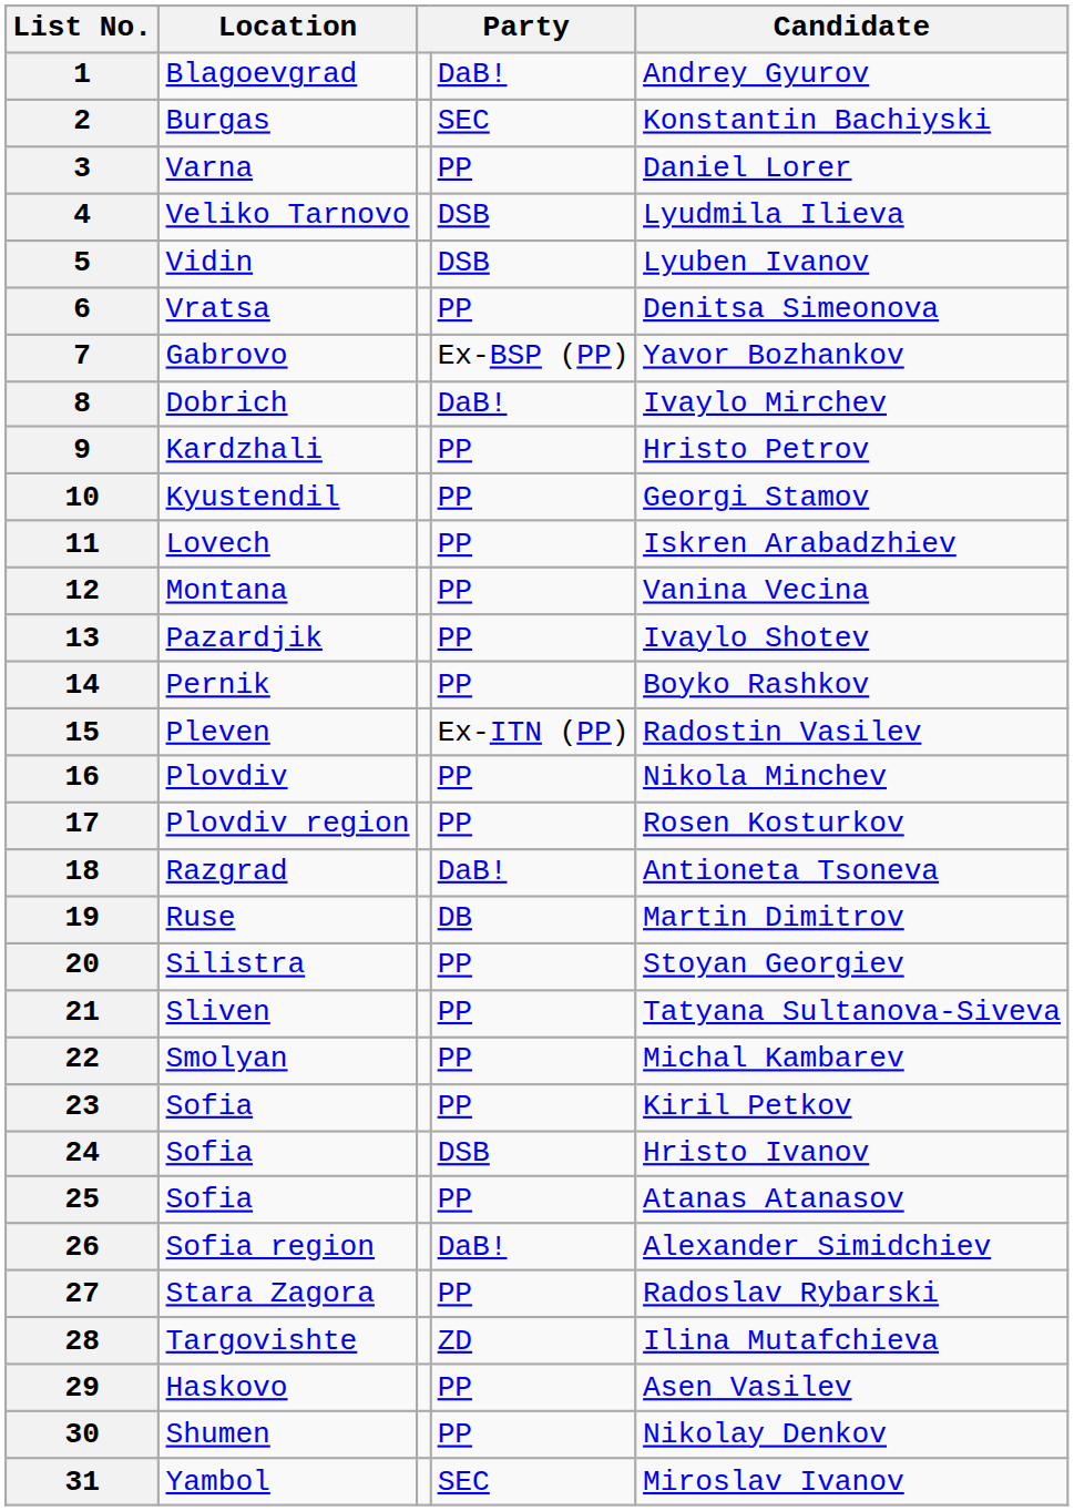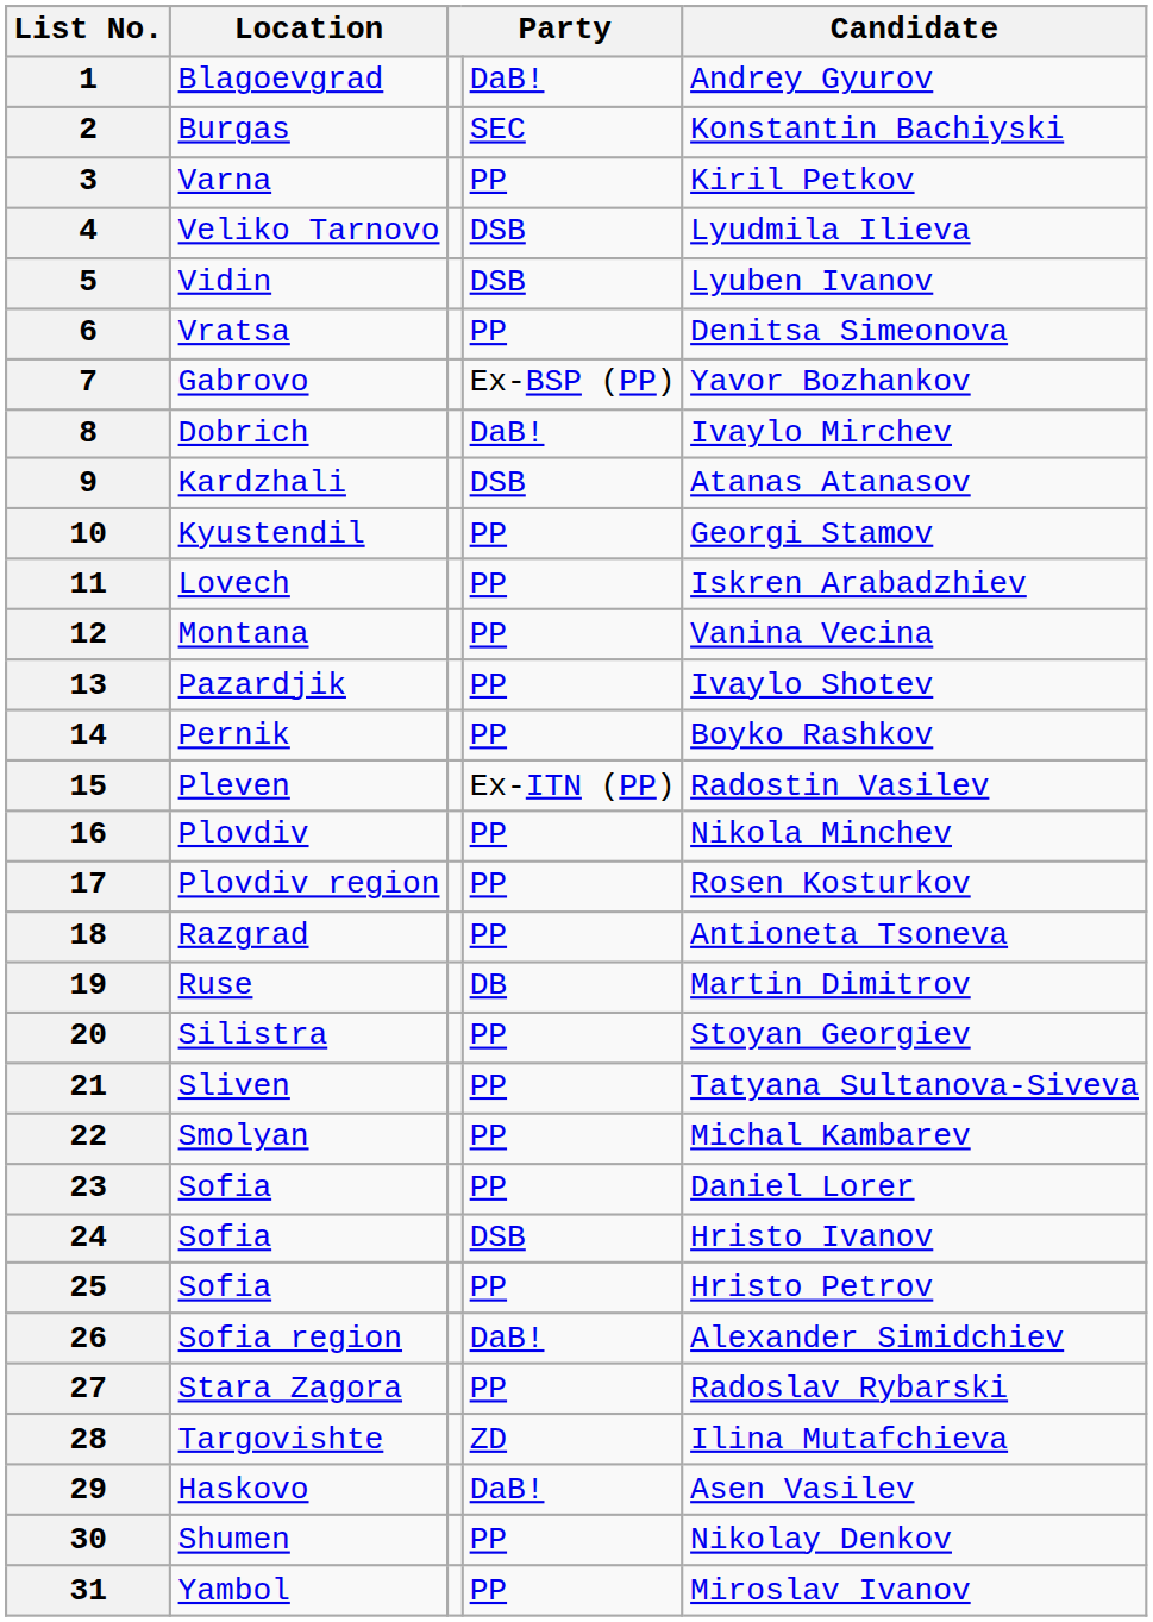 <table class="wikitable sortable mw-collapsible mw-collapsed" style="font-size:95%">
 <tr>
 <th>List No.</th>
 <th>Location</th>
 <th colspan="2">Party</th>
 <th>Candidate</th>
 </tr>
 <tr>
 <th>1</th>
 <td><a href='#'>Blagoevgrad</a></td>
 <td style="background:"></td>
 <td><a href='#'>DaB!</a></td>
 <td><a href='#'>Andrey Gyurov</a></td>
 </tr>
 <tr>
 <th>2</th>
 <td><a href='#'>Burgas</a></td>
 <td style="background:"></td>
 <td><a href='#'>SEC</a></td>
 <td><a href='#'>Konstantin Bachiyski</a></td>
 </tr>
 <tr>
 <th>3</th>
 <td><a href='#'>Varna</a></td>
 <td style="background:"></td>
 <td><a href='#'>PP</a></td>
-<td><a href='#'>Daniel Lorer</a></td>
+<td><a href='#'>Kiril Petkov</a></td>
 </tr>
 <tr>
 <th>4</th>
 <td><a href='#'>Veliko Tarnovo</a></td>
 <td style="background:"></td>
 <td><a href='#'>DSB</a></td>
 <td><a href='#'>Lyudmila Ilieva</a></td>
 </tr>
 <tr>
 <th>5</th>
 <td><a href='#'>Vidin</a></td>
 <td style="background:"></td>
 <td><a href='#'>DSB</a></td>
 <td><a href='#'>Lyuben Ivanov</a></td>
 </tr>
 <tr>
 <th>6</th>
 <td><a href='#'>Vratsa</a></td>
 <td style="background:"></td>
 <td><a href='#'>PP</a></td>
 <td><a href='#'>Denitsa Simeonova</a></td>
 </tr>
 <tr>
 <th>7</th>
 <td><a href='#'>Gabrovo</a></td>
 <td style="background:"></td>
 <td>Ex-<a href='#'>BSP</a> (<a href='#'>PP</a>)</td>
 <td><a href='#'>Yavor Bozhankov</a></td>
 </tr>
 <tr>
 <th>8</th>
 <td><a href='#'>Dobrich</a></td>
 <td style="background:"></td>
 <td><a href='#'>DaB!</a></td>
 <td><a href='#'>Ivaylo Mirchev</a></td>
 </tr>
 <tr>
 <th>9</th>
 <td><a href='#'>Kardzhali</a></td>
 <td style="background:"></td>
-<td><a href='#'>PP</a></td>
-<td><a href='#'>Hristo Petrov</a></td>
+<td><a href='#'>DSB</a></td>
+<td><a href='#'>Atanas Atanasov</a></td>
 </tr>
 <tr>
 <th>10</th>
 <td><a href='#'>Kyustendil</a></td>
 <td style="background:"></td>
 <td><a href='#'>PP</a></td>
 <td><a href='#'>Georgi Stamov</a></td>
 </tr>
 <tr>
 <th>11</th>
 <td><a href='#'>Lovech</a></td>
 <td style="background:"></td>
 <td><a href='#'>PP</a></td>
 <td><a href='#'>Iskren Arabadzhiev</a></td>
 </tr>
 <tr>
 <th>12</th>
 <td><a href='#'>Montana</a></td>
 <td style="background:"></td>
 <td><a href='#'>PP</a></td>
 <td><a href='#'>Vanina Vecina</a></td>
 </tr>
 <tr>
 <th>13</th>
 <td><a href='#'>Pazardjik</a></td>
 <td style="background:"></td>
 <td><a href='#'>PP</a></td>
 <td><a href='#'>Ivaylo Shotev</a></td>
 </tr>
 <tr>
 <th>14</th>
 <td><a href='#'>Pernik</a></td>
 <td style="background:"></td>
 <td><a href='#'>PP</a></td>
 <td><a href='#'>Boyko Rashkov</a></td>
 </tr>
 <tr>
 <th>15</th>
 <td><a href='#'>Pleven</a></td>
 <td style="background:"></td>
 <td>Ex-<a href='#'>ITN</a> (<a href='#'>PP</a>)</td>
 <td><a href='#'>Radostin Vasilev</a></td>
 </tr>
 <tr>
 <th>16</th>
 <td><a href='#'>Plovdiv</a></td>
 <td style="background:"></td>
 <td><a href='#'>PP</a></td>
 <td><a href='#'>Nikola Minchev</a></td>
 </tr>
 <tr>
 <th>17</th>
 <td><a href='#'>Plovdiv region</a></td>
 <td style="background:"></td>
 <td><a href='#'>PP</a></td>
 <td><a href='#'>Rosen Kosturkov</a></td>
 </tr>
 <tr>
 <th>18</th>
 <td><a href='#'>Razgrad</a></td>
 <td style="background:"></td>
-<td><a href='#'>DaB!</a></td>
+<td><a href='#'>PP</a></td>
 <td><a href='#'>Antioneta Tsoneva</a></td>
 </tr>
 <tr>
 <th>19</th>
 <td><a href='#'>Ruse</a></td>
 <td style="background:"></td>
 <td><a href='#'>DB</a></td>
 <td><a href='#'>Martin Dimitrov</a></td>
 </tr>
 <tr>
 <th>20</th>
 <td><a href='#'>Silistra</a></td>
 <td style="background:"></td>
 <td><a href='#'>PP</a></td>
 <td><a href='#'>Stoyan Georgiev</a></td>
 </tr>
 <tr>
 <th>21</th>
 <td><a href='#'>Sliven</a></td>
 <td style="background:"></td>
 <td><a href='#'>PP</a></td>
 <td><a href='#'>Tatyana Sultanova-Siveva</a></td>
 </tr>
 <tr>
 <th>22</th>
 <td><a href='#'>Smolyan</a></td>
 <td style="background:"></td>
 <td><a href='#'>PP</a></td>
 <td><a href='#'>Michal Kambarev</a></td>
 </tr>
 <tr>
 <th>23</th>
 <td><a href='#'>Sofia</a></td>
 <td style="background:"></td>
 <td><a href='#'>PP</a></td>
-<td><a href='#'>Kiril Petkov</a></td>
+<td><a href='#'>Daniel Lorer</a></td>
 </tr>
 <tr>
 <th>24</th>
 <td><a href='#'>Sofia</a></td>
 <td style="background:"></td>
 <td><a href='#'>DSB</a></td>
 <td><a href='#'>Hristo Ivanov</a></td>
 </tr>
 <tr>
 <th>25</th>
 <td><a href='#'>Sofia</a></td>
 <td style="background:"></td>
 <td><a href='#'>PP</a></td>
-<td><a href='#'>Atanas Atanasov</a></td>
+<td><a href='#'>Hristo Petrov</a></td>
 </tr>
 <tr>
 <th>26</th>
 <td><a href='#'>Sofia region</a></td>
 <td style="background:"></td>
 <td><a href='#'>DaB!</a></td>
 <td><a href='#'>Alexander Simidchiev</a></td>
 </tr>
 <tr>
 <th>27</th>
 <td><a href='#'>Stara Zagora</a></td>
 <td style="background:"></td>
 <td><a href='#'>PP</a></td>
 <td><a href='#'>Radoslav Rybarski</a></td>
 </tr>
 <tr>
 <th>28</th>
 <td><a href='#'>Targovishte</a></td>
 <td style="background:"></td>
 <td><a href='#'>ZD</a></td>
 <td><a href='#'>Ilina Mutafchieva</a></td>
 </tr>
 <tr>
 <th>29</th>
 <td><a href='#'>Haskovo</a></td>
 <td style="background:"></td>
-<td><a href='#'>PP</a></td>
+<td><a href='#'>DaB!</a></td>
 <td><a href='#'>Asen Vasilev</a></td>
 </tr>
 <tr>
 <th>30</th>
 <td><a href='#'>Shumen</a></td>
 <td style="background:"></td>
 <td><a href='#'>PP</a></td>
 <td><a href='#'>Nikolay Denkov</a></td>
 </tr>
 <tr>
 <th>31</th>
 <td><a href='#'>Yambol</a></td>
 <td style="background:"></td>
-<td><a href='#'>SEC</a></td>
+<td><a href='#'>PP</a></td>
 <td><a href='#'>Miroslav Ivanov</a></td>
 </tr>
 </table>
